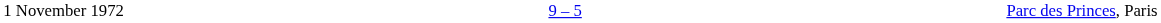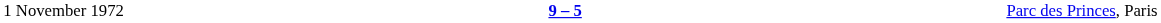 <table style="width:100%;" cellspacing="1">
 <tr>
 <th width=15%></th>
 <th width=25%></th>
 <th width=10%></th>
 <th width=25%></th>
 </tr>
 <tr style=font-size:90%>
 <td align=right>1 November 1972</td>
 <td align=right></td>
-<td align=center><a href='#'>9 – 5</a></td>
+<td align=center><strong><a href='#'>9 – 5</a></strong></td>
 <td></td>
 <td><a href='#'>Parc des Princes</a>, Paris</td>
 </tr>
 </table>
